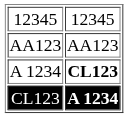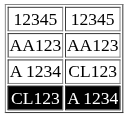 <table border="1" style="margin:1em auto;">
 <tr size="40"  style="text-align:center; color:black; font-size:14pt; background:white;">
 <td>12345</td>
 <td>12345</td>
 </tr>
 <tr style="text-align:center; color:black; font-size:14pt; background:white;">
 <td>AA123</td>
 <td>AA123</td>
 </tr>
 <tr style="text-align:center; color:black; font-size:14pt; background:white;">
 <td>A 1234</td>
-<td><strong>CL123</strong></td>
+<td>CL123</td>
 </tr>
 <tr style="text-align:center; color:white; font-size:14pt; background:black;">
 <td>CL123</td>
-<td><strong>A 1234</strong></td>
+<td>A 1234</td>
 </tr>
 </table>
